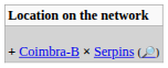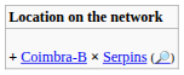 <table role="presentation" class="wikitable mw-collapsible mw-collapsed floatright">
 <tr>
 <td><strong>Location on the network</strong></td>
 </tr>
 <tr>
-<td style="background: lightgrey;"><br><span><strong>+</strong> <a href='#'>Coimbra-B</a></span> <span><strong>×</strong> <a href='#'>Serpins</a></span> <small>(<a href='#'>🔎</a>)</small></td>
+<td><br><span><strong>+</strong> <a href='#'>Coimbra-B</a></span> <span><strong>×</strong> <a href='#'>Serpins</a></span> <small>(<a href='#'>🔎</a>)</small></td>
 </tr>
 </table>
